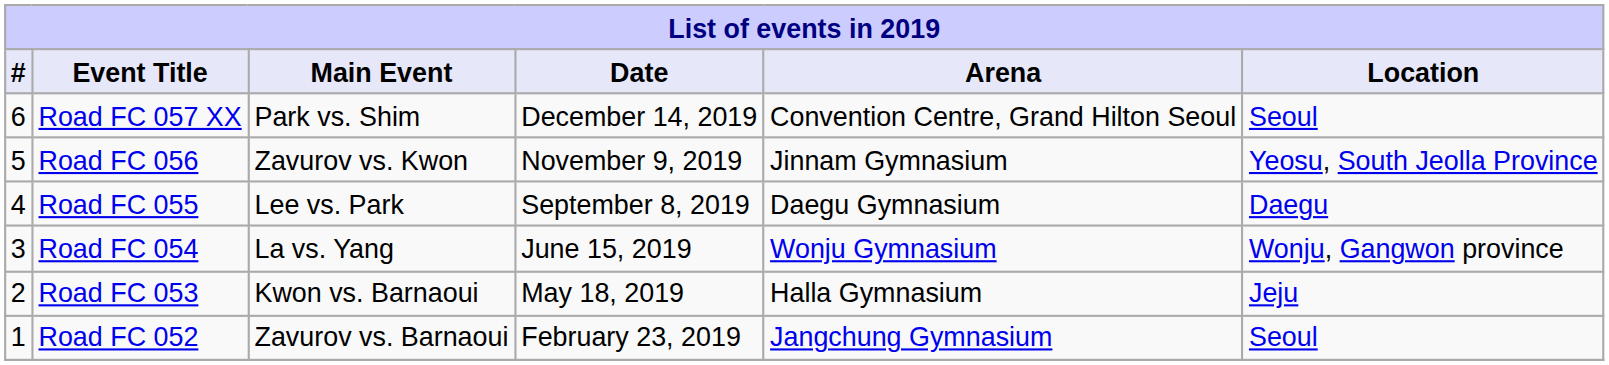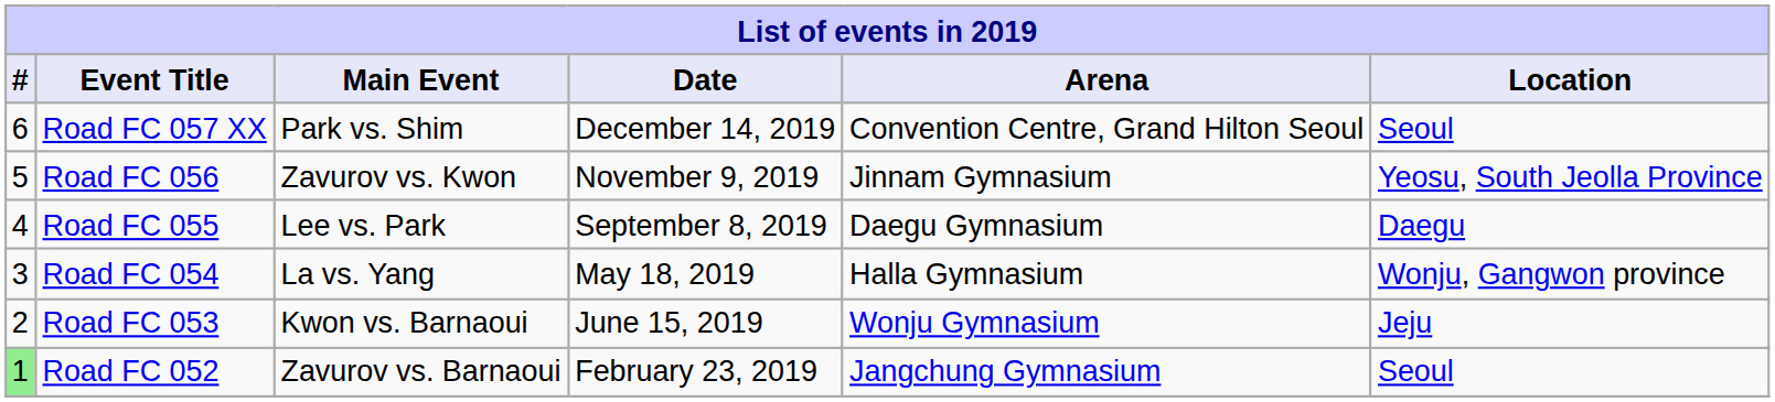 <table class="sortable wikitable succession-box" style="margin:1.0em auto; font-size:80%;">
 <tr>
 <th colspan="6" style="background-color: #ccf; color: #000080; text-align: center;">List of events in 2019</th>
 </tr>
 <tr>
 <th style="background-color: #E6E8FA; color: #000000; text-align: center;" scope="col">#</th>
 <th style="background-color: #E6E8FA; color: #000000; text-align: center;" scope="col">Event Title</th>
 <th style="background-color: #E6E8FA; color: #000000; text-align: center;" scope="col">Main Event</th>
 <th style="background-color: #E6E8FA; color: #000000; text-align: center;" scope="col">Date</th>
 <th style="background-color: #E6E8FA; color: #000000; text-align: center;" scope="col">Arena</th>
 <th style="background-color: #E6E8FA; color: #000000; text-align: center;" scope="col">Location</th>
 </tr>
 <tr>
 <td align="center">6</td>
 <td><a href='#'>Road FC 057 XX</a></td>
 <td>Park vs. Shim</td>
 <td>December 14, 2019</td>
 <td>Convention Centre, Grand Hilton Seoul</td>
 <td> <a href='#'>Seoul</a></td>
 </tr>
 <tr>
 <td align="center">5</td>
 <td><a href='#'>Road FC 056</a></td>
 <td>Zavurov vs. Kwon</td>
 <td>November 9, 2019</td>
 <td>Jinnam Gymnasium</td>
 <td> <a href='#'>Yeosu</a>, <a href='#'>South Jeolla Province</a></td>
 </tr>
 <tr>
 <td align="center">4</td>
 <td><a href='#'>Road FC 055</a></td>
 <td>Lee vs. Park</td>
 <td>September 8, 2019</td>
 <td>Daegu Gymnasium</td>
 <td> <a href='#'>Daegu</a></td>
 </tr>
 <tr>
 <td align="center">3</td>
 <td><a href='#'>Road FC 054</a></td>
 <td>La vs. Yang</td>
-<td>June 15, 2019</td>
-<td><a href='#'>Wonju Gymnasium</a></td>
+<td>May 18, 2019</td>
+<td>Halla Gymnasium</td>
 <td> <a href='#'>Wonju</a>, <a href='#'>Gangwon</a> province</td>
 </tr>
 <tr>
 <td align="center">2</td>
 <td><a href='#'>Road FC 053</a></td>
 <td>Kwon vs. Barnaoui</td>
-<td>May 18, 2019</td>
-<td>Halla Gymnasium</td>
+<td>June 15, 2019</td>
+<td><a href='#'>Wonju Gymnasium</a></td>
 <td> <a href='#'>Jeju</a></td>
 </tr>
 <tr>
-<td align="center">1</td>
+<td align="center" style="background: lightgreen;">1</td>
 <td><a href='#'>Road FC 052</a></td>
 <td>Zavurov vs. Barnaoui</td>
 <td>February 23, 2019</td>
 <td><a href='#'>Jangchung Gymnasium</a></td>
 <td> <a href='#'>Seoul</a></td>
 </tr>
 <tr>
 </tr>
 </table>
